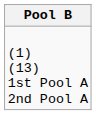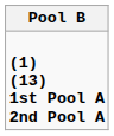 <table class="wikitable">
 <tr>
 <th>Pool B</th>
 </tr>
 <tr>
-<td><br> (1)<br>  (13)<br> 1st Pool A<br> 2nd Pool A</td>
+<td><strong><br> (1)<br>  (13)<br> 1st Pool A<br> 2nd Pool A</strong></td>
 </tr>
 </table>
